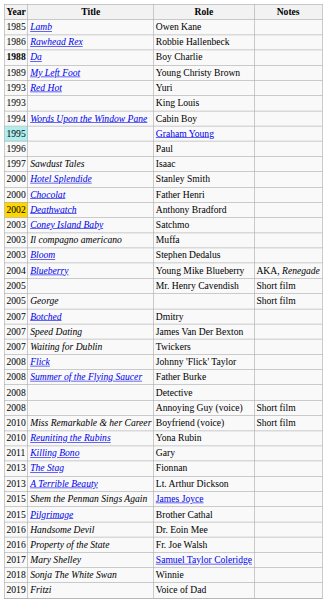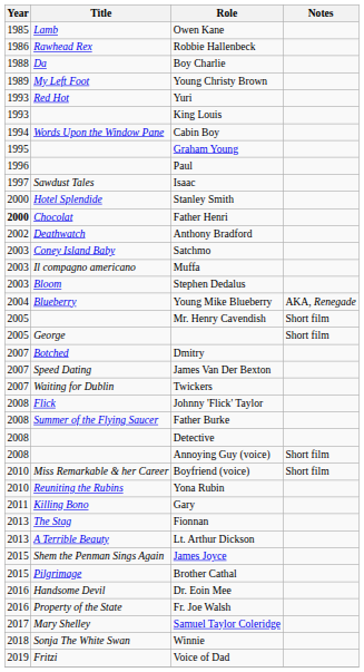 <table class="wikitable sortable">
 <tr>
 <th>Year</th>
 <th>Title</th>
 <th>Role</th>
 <th class="unsortable">Notes</th>
 </tr>
 <tr>
 <td>1985</td>
 <td><em><a href='#'>Lamb</a></em></td>
 <td>Owen Kane</td>
 <td></td>
 </tr>
 <tr>
 <td>1986</td>
 <td><em><a href='#'>Rawhead Rex</a></em></td>
 <td>Robbie Hallenbeck</td>
 <td></td>
 </tr>
 <tr>
-<td><strong>1988</strong></td>
+<td>1988</td>
 <td><em><a href='#'>Da</a></em></td>
 <td>Boy Charlie</td>
 <td></td>
 </tr>
 <tr>
 <td>1989</td>
 <td><em><a href='#'>My Left Foot</a></em></td>
 <td>Young Christy Brown</td>
 <td></td>
 </tr>
 <tr>
 <td>1993</td>
 <td><em><a href='#'>Red Hot</a></em></td>
 <td>Yuri</td>
 <td></td>
 </tr>
 <tr>
 <td>1993</td>
 <td><em></em></td>
 <td>King Louis</td>
 <td></td>
 </tr>
 <tr>
 <td>1994</td>
 <td><em><a href='#'>Words Upon the Window Pane</a></em></td>
 <td>Cabin Boy</td>
 <td></td>
 </tr>
 <tr>
-<td style="background: paleturquoise;">1995</td>
+<td>1995</td>
 <td><em></em></td>
 <td><a href='#'>Graham Young</a></td>
 <td></td>
 </tr>
 <tr>
 <td>1996</td>
 <td><em></em></td>
 <td>Paul</td>
 <td></td>
 </tr>
 <tr>
 <td>1997</td>
 <td><em>Sawdust Tales</em></td>
 <td>Isaac</td>
 <td></td>
 </tr>
 <tr>
 <td>2000</td>
 <td><em><a href='#'>Hotel Splendide</a></em></td>
 <td>Stanley Smith</td>
 <td></td>
 </tr>
 <tr>
-<td>2000</td>
+<td><strong>2000</strong></td>
 <td><em><a href='#'>Chocolat</a></em></td>
 <td>Father Henri</td>
 <td></td>
 </tr>
 <tr>
-<td style="background: gold;">2002</td>
+<td>2002</td>
 <td><em><a href='#'>Deathwatch</a></em></td>
 <td>Anthony Bradford</td>
 <td></td>
 </tr>
 <tr>
 <td>2003</td>
 <td><em><a href='#'>Coney Island Baby</a></em></td>
 <td>Satchmo</td>
 <td></td>
 </tr>
 <tr>
 <td>2003</td>
 <td><em>Il compagno americano</em></td>
 <td>Muffa</td>
 <td></td>
 </tr>
 <tr>
 <td>2003</td>
 <td><em><a href='#'>Bloom</a></em></td>
 <td>Stephen Dedalus</td>
 <td></td>
 </tr>
 <tr>
 <td>2004</td>
 <td><em><a href='#'>Blueberry</a></em></td>
 <td>Young Mike Blueberry</td>
 <td>AKA, <em>Renegade</em></td>
 </tr>
 <tr>
 <td>2005</td>
 <td><em></em></td>
 <td>Mr. Henry Cavendish</td>
 <td>Short film</td>
 </tr>
 <tr>
 <td>2005</td>
 <td><em>George</em></td>
 <td></td>
 <td>Short film</td>
 </tr>
 <tr>
 <td>2007</td>
 <td><em><a href='#'>Botched</a></em></td>
 <td>Dmitry</td>
 <td></td>
 </tr>
 <tr>
 <td>2007</td>
 <td><em>Speed Dating</em></td>
 <td>James Van Der Bexton</td>
 <td></td>
 </tr>
 <tr>
 <td>2007</td>
 <td><em>Waiting for Dublin</em></td>
 <td>Twickers</td>
 <td></td>
 </tr>
 <tr>
 <td>2008</td>
 <td><em><a href='#'>Flick</a></em></td>
 <td>Johnny 'Flick' Taylor</td>
 <td></td>
 </tr>
 <tr>
 <td>2008</td>
 <td><em><a href='#'>Summer of the Flying Saucer</a></em></td>
 <td>Father Burke</td>
 <td></td>
 </tr>
 <tr>
 <td>2008</td>
 <td><em></em></td>
 <td>Detective</td>
 <td></td>
 </tr>
 <tr>
 <td>2008</td>
 <td><em></em></td>
 <td>Annoying Guy (voice)</td>
 <td>Short film</td>
 </tr>
 <tr>
 <td>2010</td>
 <td><em>Miss Remarkable & her Career</em></td>
 <td>Boyfriend (voice)</td>
 <td>Short film</td>
 </tr>
 <tr>
 <td>2010</td>
 <td><em><a href='#'>Reuniting the Rubins</a></em></td>
 <td>Yona Rubin</td>
 <td></td>
 </tr>
 <tr>
 <td>2011</td>
 <td><em><a href='#'>Killing Bono</a></em></td>
 <td>Gary</td>
 <td></td>
 </tr>
 <tr>
 <td>2013</td>
 <td><em><a href='#'>The Stag</a></em></td>
 <td>Fionnan</td>
 <td></td>
 </tr>
 <tr>
 <td>2013</td>
 <td><em><a href='#'>A Terrible Beauty</a></em></td>
 <td>Lt. Arthur Dickson</td>
 <td></td>
 </tr>
 <tr>
 <td>2015</td>
 <td><em>Shem the Penman Sings Again</em></td>
 <td><a href='#'>James Joyce</a></td>
 <td></td>
 </tr>
 <tr>
 <td>2015</td>
 <td><em><a href='#'>Pilgrimage</a></em></td>
 <td>Brother Cathal</td>
 <td></td>
 </tr>
 <tr>
 <td>2016</td>
 <td><em>Handsome Devil</em></td>
 <td>Dr. Eoin Mee</td>
 <td></td>
 </tr>
 <tr>
 <td>2016</td>
 <td><em>Property of the State</em></td>
 <td>Fr. Joe Walsh</td>
 </tr>
 <tr>
 <td>2017</td>
 <td><em>Mary Shelley</em></td>
 <td><a href='#'>Samuel Taylor Coleridge</a></td>
 <td></td>
 </tr>
 <tr>
 <td>2018</td>
 <td><em>Sonja The White Swan</em></td>
 <td>Winnie</td>
 <td></td>
 </tr>
 <tr>
 <td>2019</td>
 <td><em>Fritzi</em></td>
 <td>Voice of Dad</td>
 <td></td>
 </tr>
 <tr>
 </tr>
 </table>
